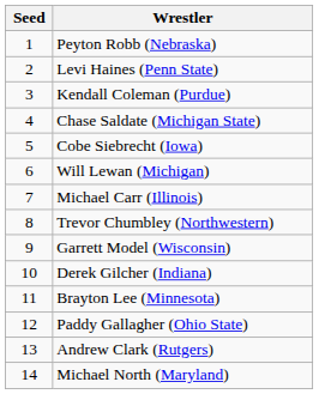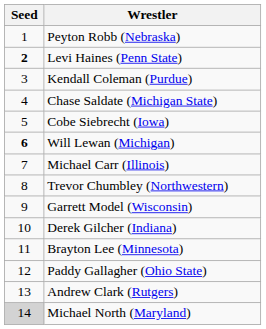 <table class="wikitable" style="text-align: center;">
 <tr>
 <th width="40">Seed</th>
 <th width="250">Wrestler</th>
 </tr>
 <tr>
 <td>1</td>
 <td align="left">Peyton Robb (<a href='#'>Nebraska</a>)</td>
 </tr>
 <tr>
-<td>2</td>
+<td><strong>2</strong></td>
 <td align="left">Levi Haines (<a href='#'>Penn State</a>)</td>
 </tr>
 <tr>
 <td>3</td>
 <td align="left">Kendall Coleman (<a href='#'>Purdue</a>)</td>
 </tr>
 <tr>
 <td>4</td>
 <td align="left">Chase Saldate (<a href='#'>Michigan State</a>)</td>
 </tr>
 <tr>
 <td>5</td>
 <td align="left">Cobe Siebrecht (<a href='#'>Iowa</a>)</td>
 </tr>
 <tr>
-<td>6</td>
+<td><strong>6</strong></td>
 <td align="left">Will Lewan (<a href='#'>Michigan</a>)</td>
 </tr>
 <tr>
 <td>7</td>
 <td align="left">Michael Carr (<a href='#'>Illinois</a>)</td>
 </tr>
 <tr>
 <td>8</td>
 <td align="left">Trevor Chumbley (<a href='#'>Northwestern</a>)</td>
 </tr>
 <tr>
 <td>9</td>
 <td align="left">Garrett Model (<a href='#'>Wisconsin</a>)</td>
 </tr>
 <tr>
 <td>10</td>
 <td align="left">Derek Gilcher (<a href='#'>Indiana</a>)</td>
 </tr>
 <tr>
 <td>11</td>
 <td align="left">Brayton Lee (<a href='#'>Minnesota</a>)</td>
 </tr>
 <tr>
 <td>12</td>
 <td align="left">Paddy Gallagher (<a href='#'>Ohio State</a>)</td>
 </tr>
 <tr>
 <td>13</td>
 <td align="left">Andrew Clark (<a href='#'>Rutgers</a>)</td>
 </tr>
 <tr>
-<td>14</td>
+<td style="background: lightgrey;">14</td>
 <td align="left">Michael North (<a href='#'>Maryland</a>)</td>
 </tr>
 </table>
